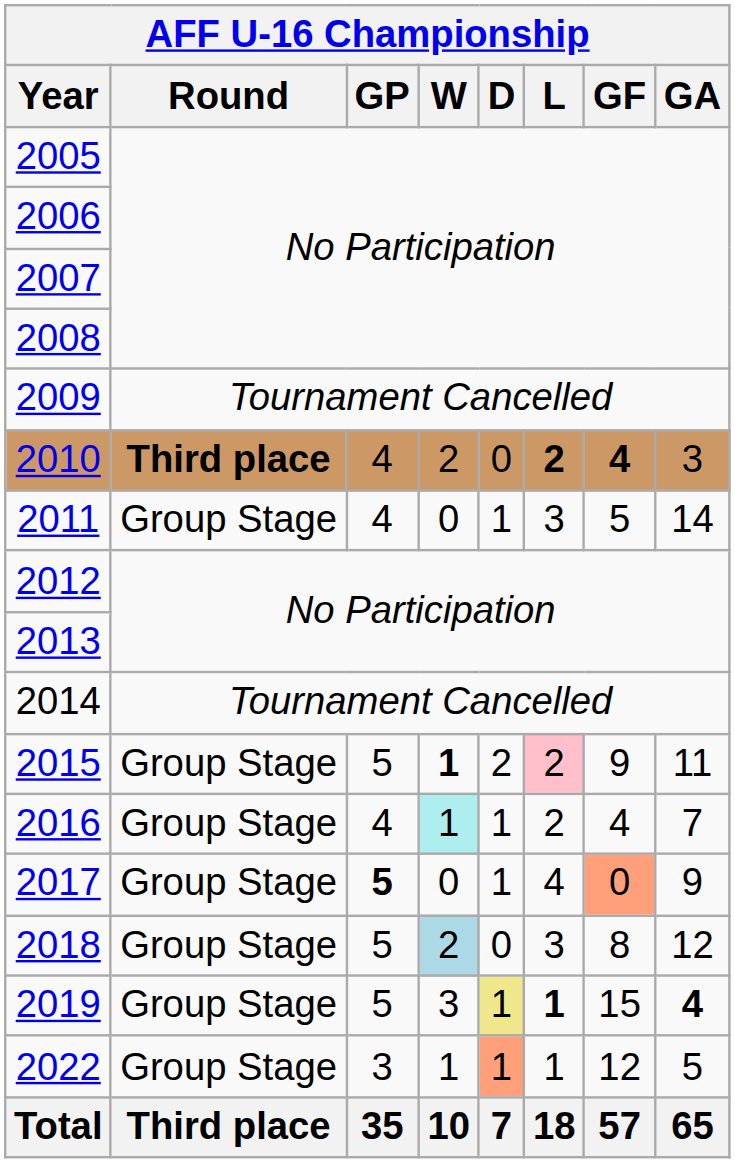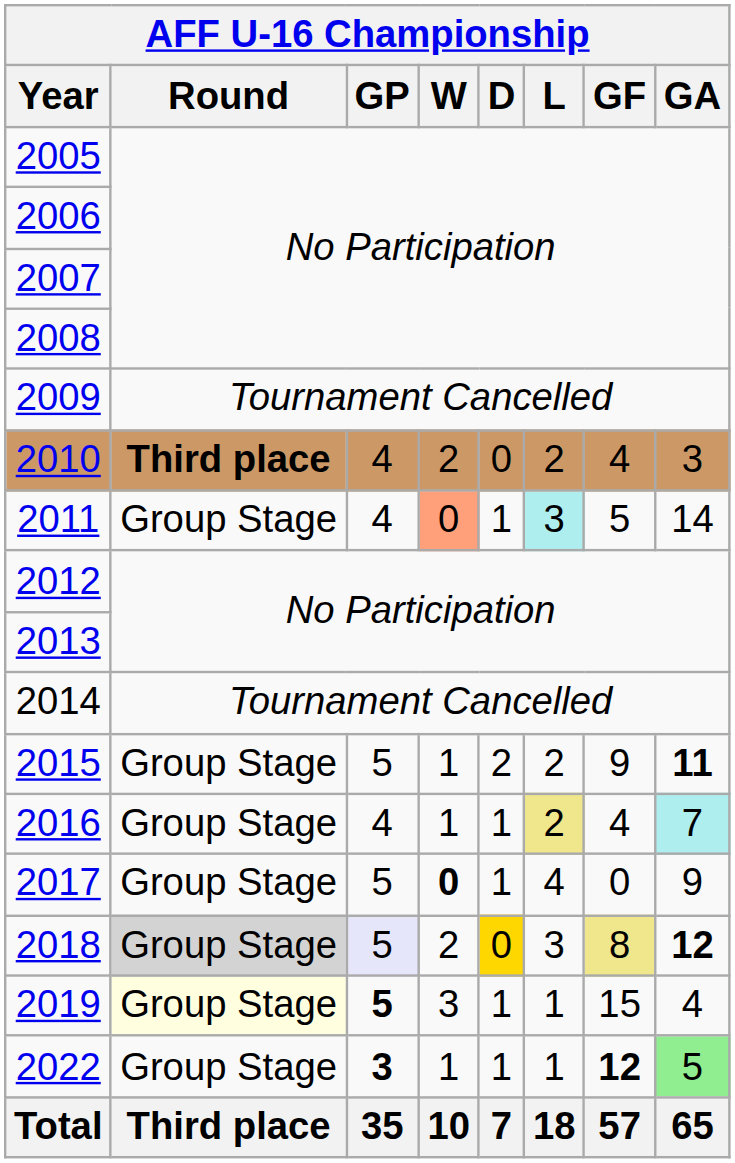 <table class="wikitable" style="text-align: center;">
 <tr>
 <th colspan=8><a href='#'>AFF U-16 Championship</a></th>
 </tr>
 <tr>
 <th>Year</th>
 <th>Round</th>
 <th>GP</th>
 <th>W</th>
 <th>D</th>
 <th>L</th>
 <th>GF</th>
 <th>GA</th>
 </tr>
 <tr>
 <td> <a href='#'>2005</a></td>
 <td rowspan="4" colspan="8"><em>No Participation</em></td>
 </tr>
 <tr>
 <td> <a href='#'>2006</a></td>
 </tr>
 <tr>
 <td> <a href='#'>2007</a></td>
 </tr>
 <tr>
 <td> <a href='#'>2008</a></td>
 </tr>
 <tr>
 <td> <a href='#'>2009</a></td>
 <td colspan="8"><em>Tournament Cancelled</em></td>
 </tr>
 <tr bgcolor=cc9966>
 <td> <a href='#'>2010</a></td>
 <td><strong>Third place</strong></td>
 <td>4</td>
 <td>2</td>
 <td>0</td>
-<td><strong>2</strong></td>
-<td><strong>4</strong></td>
+<td>2</td>
+<td>4</td>
 <td>3</td>
 </tr>
 <tr>
 <td> <a href='#'>2011</a></td>
 <td>Group Stage</td>
 <td>4</td>
-<td>0</td>
+<td style="background: lightsalmon;">0</td>
 <td>1</td>
-<td>3</td>
+<td style="background: paleturquoise;">3</td>
 <td>5</td>
 <td>14</td>
 </tr>
 <tr>
 <td> <a href='#'>2012</a></td>
 <td rowspan="2" colspan="8"><em>No Participation</em></td>
 </tr>
 <tr>
 <td> <a href='#'>2013</a></td>
 </tr>
 <tr>
 <td> 2014</td>
 <td colspan="8"><em>Tournament Cancelled</em></td>
 </tr>
 <tr>
 <td> <a href='#'>2015</a></td>
 <td>Group Stage</td>
 <td>5</td>
-<td><strong>1</strong></td>
+<td>1</td>
 <td>2</td>
-<td style="background: pink;">2</td>
+<td>2</td>
 <td>9</td>
-<td>11</td>
+<td><strong>11</strong></td>
 </tr>
 <tr>
 <td> <a href='#'>2016</a></td>
 <td>Group Stage</td>
 <td>4</td>
-<td style="background: paleturquoise;">1</td>
 <td>1</td>
-<td>2</td>
+<td>1</td>
+<td style="background: khaki;">2</td>
 <td>4</td>
-<td>7</td>
+<td style="background: paleturquoise;">7</td>
 </tr>
 <tr>
 <td> <a href='#'>2017</a></td>
 <td>Group Stage</td>
-<td><strong>5</strong></td>
-<td>0</td>
+<td>5</td>
+<td><strong>0</strong></td>
 <td>1</td>
 <td>4</td>
-<td style="background: lightsalmon;">0</td>
+<td>0</td>
 <td>9</td>
 </tr>
 <tr>
 <td> <a href='#'>2018</a></td>
-<td>Group Stage</td>
-<td>5</td>
-<td style="background: lightblue;">2</td>
-<td>0</td>
+<td style="background: lightgrey;">Group Stage</td>
+<td style="background: lavender;">5</td>
+<td>2</td>
+<td style="background: gold;">0</td>
 <td>3</td>
-<td>8</td>
-<td>12</td>
+<td style="background: khaki;">8</td>
+<td><strong>12</strong></td>
 </tr>
 <tr>
 <td> <a href='#'>2019</a></td>
-<td>Group Stage</td>
-<td>5</td>
+<td style="background: lightyellow;">Group Stage</td>
+<td><strong>5</strong></td>
 <td>3</td>
-<td style="background: khaki;">1</td>
-<td><strong>1</strong></td>
+<td>1</td>
+<td>1</td>
 <td>15</td>
-<td><strong>4</strong></td>
+<td>4</td>
 </tr>
 <tr>
 <td> <a href='#'>2022</a></td>
 <td>Group Stage</td>
-<td>3</td>
+<td><strong>3</strong></td>
 <td>1</td>
-<td style="background: lightsalmon;">1</td>
 <td>1</td>
-<td>12</td>
-<td>5</td>
+<td>1</td>
+<td><strong>12</strong></td>
+<td style="background: lightgreen;">5</td>
 </tr>
 <tr>
 <th><strong>Total</strong></th>
 <th><strong>Third place</strong></th>
 <th><strong>35</strong></th>
 <th><strong>10</strong></th>
 <th><strong>7</strong></th>
 <th><strong>18</strong></th>
 <th><strong>57</strong></th>
 <th><strong>65</strong></th>
 </tr>
 </table>
